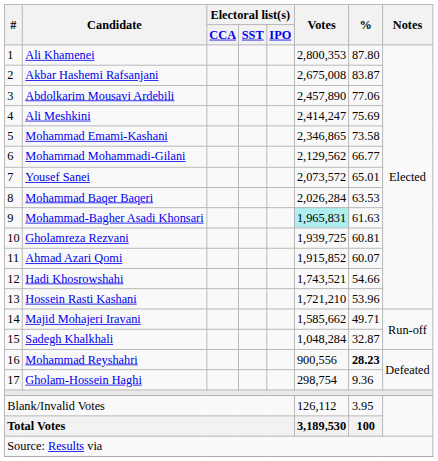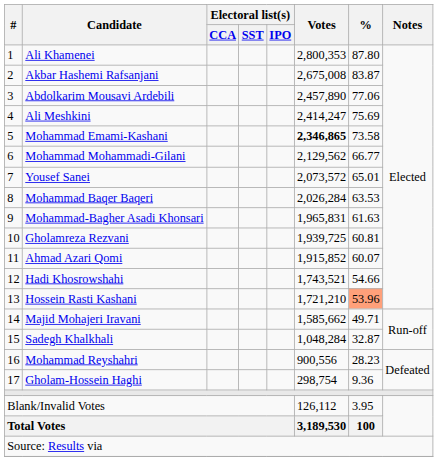 <table class="wikitable" style="font-size:95%;">
 <tr>
 <th rowspan="2">#</th>
 <th rowspan="2">Candidate</th>
 <th colspan="3">Electoral list(s)</th>
 <th rowspan="2">Votes</th>
 <th rowspan="2">%</th>
 <th rowspan="2">Notes</th>
 </tr>
 <tr>
 <th><a href='#'>CCA</a></th>
 <th><a href='#'>SST</a></th>
 <th><a href='#'>IPO</a></th>
 </tr>
 <tr>
 <td>1</td>
 <td><a href='#'>Ali Khamenei</a></td>
 <td style="text-align:center;"></td>
 <td style="text-align:center;"></td>
 <td style="text-align:center;"></td>
 <td>2,800,353</td>
 <td>87.80</td>
 <td rowspan=13 align=center>Elected</td>
 </tr>
 <tr>
 <td>2</td>
 <td><a href='#'>Akbar Hashemi Rafsanjani</a></td>
 <td style="text-align:center;"></td>
 <td style="text-align:center;"></td>
 <td style="text-align:center;"></td>
 <td>2,675,008</td>
 <td>83.87</td>
 </tr>
 <tr>
 <td>3</td>
 <td><a href='#'>Abdolkarim Mousavi Ardebili</a></td>
 <td style="text-align:center;"></td>
 <td style="text-align:center;"></td>
 <td style="text-align:center;"></td>
 <td>2,457,890</td>
 <td>77.06</td>
 </tr>
 <tr>
 <td>4</td>
 <td><a href='#'>Ali Meshkini</a></td>
 <td style="text-align:center;"></td>
 <td style="text-align:center;"></td>
 <td style="text-align:center;"></td>
 <td>2,414,247</td>
 <td>75.69</td>
 </tr>
 <tr>
 <td>5</td>
 <td><a href='#'>Mohammad Emami-Kashani</a></td>
 <td style="text-align:center;"></td>
 <td style="text-align:center;"></td>
 <td style="text-align:center;"></td>
-<td>2,346,865</td>
+<td><strong>2,346,865</strong></td>
 <td>73.58</td>
 </tr>
 <tr>
 <td>6</td>
 <td><a href='#'>Mohammad Mohammadi-Gilani</a></td>
 <td style="text-align:center;"></td>
 <td style="text-align:center;"></td>
 <td style="text-align:center;"></td>
 <td>2,129,562</td>
 <td>66.77</td>
 </tr>
 <tr>
 <td>7</td>
 <td><a href='#'>Yousef Sanei</a></td>
 <td style="text-align:center;"></td>
 <td style="text-align:center;"></td>
 <td style="text-align:center;"></td>
 <td>2,073,572</td>
 <td>65.01</td>
 </tr>
 <tr>
 <td>8</td>
 <td><a href='#'>Mohammad Baqer Baqeri</a></td>
 <td style="text-align:center;"></td>
 <td style="text-align:center;"></td>
 <td style="text-align:center;"></td>
 <td>2,026,284</td>
 <td>63.53</td>
 </tr>
 <tr>
 <td>9</td>
 <td><a href='#'>Mohammad-Bagher Asadi Khonsari</a></td>
 <td style="text-align:center;"></td>
 <td style="text-align:center;"></td>
 <td style="text-align:center;"></td>
-<td style="background: paleturquoise;">1,965,831</td>
+<td>1,965,831</td>
 <td>61.63</td>
 </tr>
 <tr>
 <td>10</td>
 <td><a href='#'>Gholamreza Rezvani</a></td>
 <td style="text-align:center;"></td>
 <td style="text-align:center;"></td>
 <td style="text-align:center;"></td>
 <td>1,939,725</td>
 <td>60.81</td>
 </tr>
 <tr>
 <td>11</td>
 <td><a href='#'>Ahmad Azari Qomi</a></td>
 <td style="text-align:center;"></td>
 <td style="text-align:center;"></td>
 <td style="text-align:center;"></td>
 <td>1,915,852</td>
 <td>60.07</td>
 </tr>
 <tr>
 <td>12</td>
 <td><a href='#'>Hadi Khosrowshahi</a></td>
 <td style="text-align:center;"></td>
 <td style="text-align:center;"></td>
 <td style="text-align:center;"></td>
 <td>1,743,521</td>
 <td>54.66</td>
 </tr>
 <tr>
 <td>13</td>
 <td><a href='#'>Hossein Rasti Kashani</a></td>
 <td style="text-align:center;"></td>
 <td style="text-align:center;"></td>
 <td style="text-align:center;"></td>
 <td>1,721,210</td>
-<td>53.96</td>
+<td style="background: lightsalmon;">53.96</td>
 </tr>
 <tr>
 <td>14</td>
 <td><a href='#'>Majid Mohajeri Iravani</a></td>
 <td style="text-align:center;"></td>
 <td style="text-align:center;"></td>
 <td style="text-align:center;"></td>
 <td>1,585,662</td>
 <td>49.71</td>
 <td rowspan=2 align=center>Run-off</td>
 </tr>
 <tr>
 <td>15</td>
 <td><a href='#'>Sadegh Khalkhali</a></td>
 <td style="text-align:center;"></td>
 <td style="text-align:center;"></td>
 <td style="text-align:center;"></td>
 <td>1,048,284</td>
 <td>32.87</td>
 </tr>
 <tr>
 <td>16</td>
 <td><a href='#'>Mohammad Reyshahri</a></td>
 <td style="text-align:center;"></td>
 <td style="text-align:center;"></td>
 <td style="text-align:center;"></td>
 <td>900,556</td>
-<td><strong>28.23</strong></td>
+<td>28.23</td>
 <td rowspan=2 align=center>Defeated</td>
 </tr>
 <tr>
 <td>17</td>
 <td><a href='#'>Gholam-Hossein Haghi</a></td>
 <td style="text-align:center;"></td>
 <td style="text-align:center;"></td>
 <td style="text-align:center;"></td>
 <td>298,754</td>
 <td>9.36</td>
 </tr>
 <tr>
 <td colspan="9" style="background:#E9E9E9;"></td>
 </tr>
 <tr>
 <td colspan="5">Blank/Invalid Votes</td>
 <td>126,112</td>
 <td>3.95</td>
 <td rowspan=2 align=center></td>
 </tr>
 <tr>
 <th style="text-align:left;" colspan="5">Total Votes</th>
 <th>3,189,530</th>
 <th>100</th>
 </tr>
 <tr>
 <td colspan="13">Source: <a href='#'>Results</a> via </td>
 </tr>
 <tr>
 </tr>
 </table>
